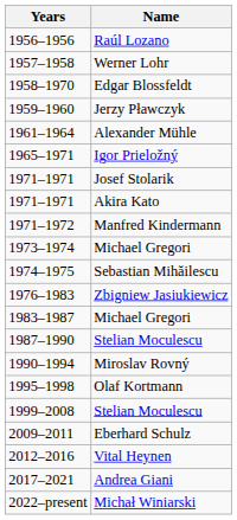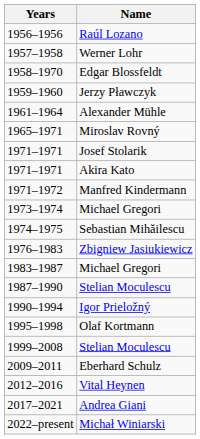 <table class="wikitable">
 <tr>
 <th>Years</th>
 <th>Name</th>
 </tr>
 <tr>
 <td>1956–1956</td>
 <td> <a href='#'>Raúl Lozano</a></td>
 </tr>
 <tr>
 <td>1957–1958</td>
 <td> Werner Lohr</td>
 </tr>
 <tr>
 <td>1958–1970</td>
 <td> Edgar Blossfeldt</td>
 </tr>
 <tr>
 <td>1959–1960</td>
 <td> Jerzy Pławczyk</td>
 </tr>
 <tr>
 <td>1961–1964</td>
 <td> Alexander Mühle</td>
 </tr>
 <tr>
 <td>1965–1971</td>
-<td> <a href='#'>Igor Prieložný</a></td>
+<td>  Miroslav Rovný</td>
 </tr>
 <tr>
 <td>1971–1971</td>
 <td>  Josef Stolarik</td>
 </tr>
 <tr>
 <td>1971–1971</td>
 <td> Akira Kato</td>
 </tr>
 <tr>
 <td>1971–1972</td>
 <td> Manfred Kindermann</td>
 </tr>
 <tr>
 <td>1973–1974</td>
 <td> Michael Gregori</td>
 </tr>
 <tr>
 <td>1974–1975</td>
 <td> Sebastian Mihăilescu</td>
 </tr>
 <tr>
 <td>1976–1983</td>
 <td> <a href='#'>Zbigniew Jasiukiewicz</a></td>
 </tr>
 <tr>
 <td>1983–1987</td>
 <td> Michael Gregori</td>
 </tr>
 <tr>
 <td>1987–1990</td>
 <td> <a href='#'>Stelian Moculescu</a></td>
 </tr>
 <tr>
 <td>1990–1994</td>
-<td>  Miroslav Rovný</td>
+<td> <a href='#'>Igor Prieložný</a></td>
 </tr>
 <tr>
 <td>1995–1998</td>
 <td> Olaf Kortmann</td>
 </tr>
 <tr>
 <td>1999–2008</td>
 <td> <a href='#'>Stelian Moculescu</a></td>
 </tr>
 <tr>
 <td>2009–2011</td>
 <td> Eberhard Schulz</td>
 </tr>
 <tr>
 <td>2012–2016</td>
 <td> <a href='#'>Vital Heynen</a></td>
 </tr>
 <tr>
 <td>2017–2021</td>
 <td> <a href='#'>Andrea Giani</a></td>
 </tr>
 <tr>
 <td>2022–present</td>
 <td> <a href='#'>Michał Winiarski</a></td>
 </tr>
 </table>
